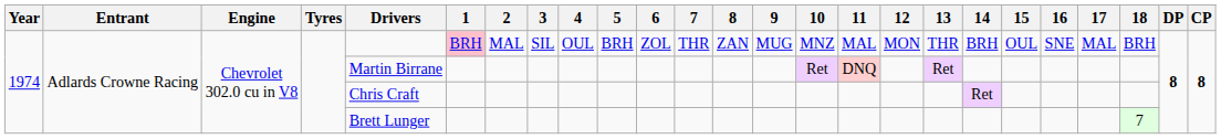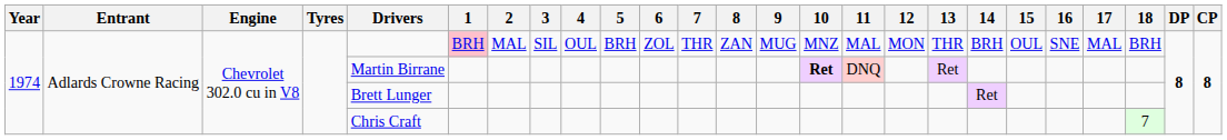 <table class="wikitable" style="text-align:center; font-size:95%">
 <tr>
 <th>Year</th>
 <th>Entrant</th>
 <th>Engine</th>
 <th>Tyres</th>
 <th>Drivers</th>
 <th>1</th>
 <th>2</th>
 <th>3</th>
 <th>4</th>
 <th>5</th>
 <th>6</th>
 <th>7</th>
 <th>8</th>
 <th>9</th>
 <th>10</th>
 <th>11</th>
 <th>12</th>
 <th>13</th>
 <th>14</th>
 <th>15</th>
 <th>16</th>
 <th>17</th>
 <th>18</th>
 <th>DP</th>
 <th>CP</th>
 </tr>
 <tr>
 <td rowspan="4"><a href='#'>1974</a></td>
 <td rowspan="4">Adlards Crowne Racing</td>
 <td rowspan="4"><a href='#'>Chevrolet</a> <br>302.0 cu in <a href='#'>V8</a></td>
 <td rowspan="4"></td>
 <td></td>
 <td style="background: pink;"><a href='#'>BRH</a></td>
 <td><a href='#'>MAL</a></td>
 <td><a href='#'>SIL</a></td>
 <td><a href='#'>OUL</a></td>
 <td><a href='#'>BRH</a></td>
 <td><a href='#'>ZOL</a></td>
 <td><a href='#'>THR</a></td>
 <td><a href='#'>ZAN</a></td>
 <td><a href='#'>MUG</a></td>
 <td><a href='#'>MNZ</a></td>
 <td><a href='#'>MAL</a></td>
 <td><a href='#'>MON</a></td>
 <td><a href='#'>THR</a></td>
 <td><a href='#'>BRH</a></td>
 <td><a href='#'>OUL</a></td>
 <td><a href='#'>SNE</a></td>
 <td><a href='#'>MAL</a></td>
 <td><a href='#'>BRH</a></td>
 <td rowspan="4"><strong>8</strong></td>
 <td rowspan="4"><strong>8</strong></td>
 </tr>
 <tr>
 <td align="left"> <a href='#'>Martin Birrane</a></td>
 <td></td>
 <td></td>
 <td></td>
 <td></td>
 <td></td>
 <td></td>
 <td></td>
 <td></td>
 <td></td>
-<td style="background:#EFCFFF;">Ret</td>
+<td style="background:#EFCFFF;"><strong>Ret</strong></td>
 <td style="background:#FFCFCF;">DNQ</td>
 <td></td>
 <td style="background:#EFCFFF;">Ret</td>
 <td></td>
+<td></td>
+<td></td>
+<td></td>
+<td></td>
+</tr>
+<tr>
+<td align="left"> <a href='#'>Brett Lunger</a></td>
+<td></td>
+<td></td>
+<td></td>
+<td></td>
+<td></td>
+<td></td>
+<td></td>
+<td></td>
+<td></td>
+<td></td>
+<td></td>
+<td></td>
+<td></td>
+<td style="background:#EFCFFF;">Ret</td>
 <td></td>
 <td></td>
 <td></td>
 <td></td>
 </tr>
 <tr>
 <td align="left"> <a href='#'>Chris Craft</a></td>
 <td></td>
 <td></td>
 <td></td>
 <td></td>
 <td></td>
 <td></td>
 <td></td>
 <td></td>
 <td></td>
 <td></td>
 <td></td>
 <td></td>
 <td></td>
-<td style="background:#EFCFFF;">Ret</td>
-<td></td>
-<td></td>
-<td></td>
-<td></td>
-</tr>
-<tr>
-<td align="left"> <a href='#'>Brett Lunger</a></td>
-<td></td>
-<td></td>
-<td></td>
-<td></td>
-<td></td>
-<td></td>
-<td></td>
-<td></td>
-<td></td>
-<td></td>
-<td></td>
-<td></td>
-<td></td>
 <td></td>
 <td></td>
 <td></td>
 <td></td>
 <td style="background:#DFFFDF;">7</td>
 </tr>
 </table>
